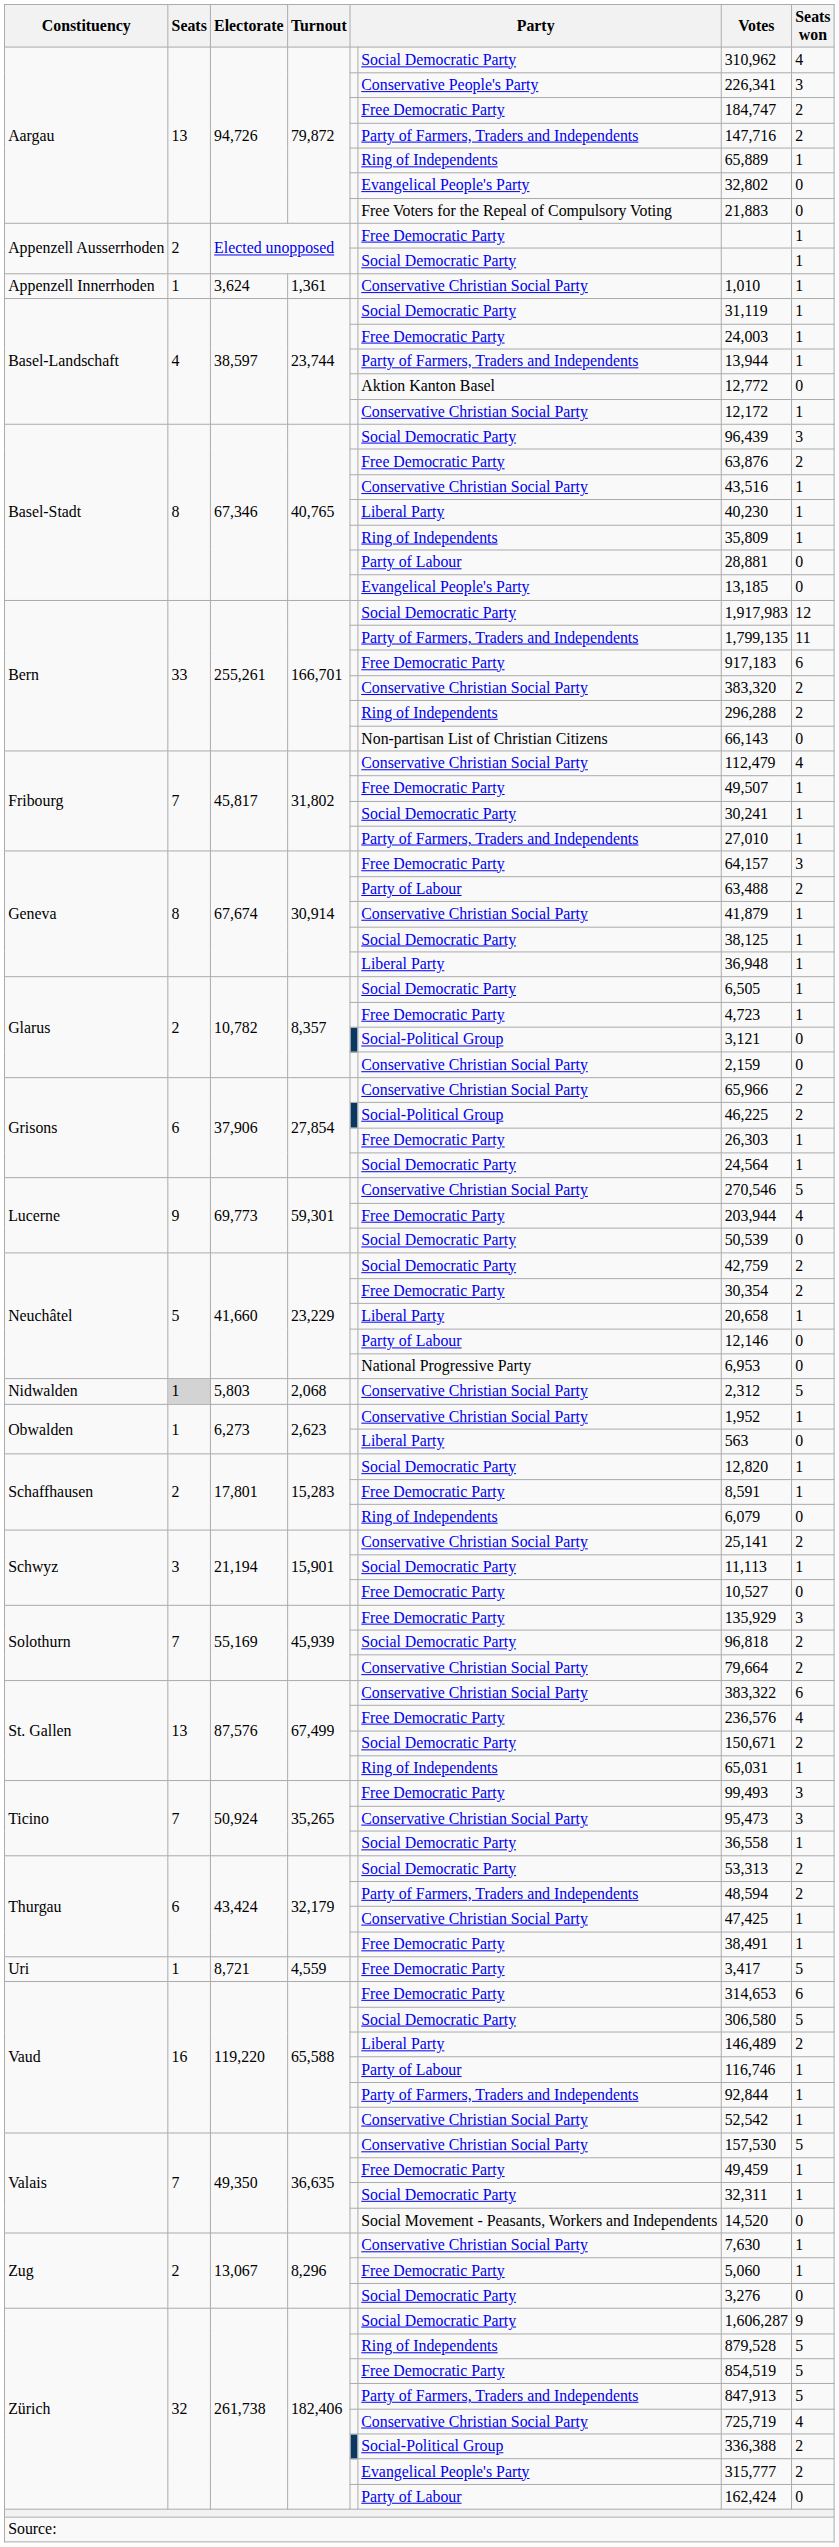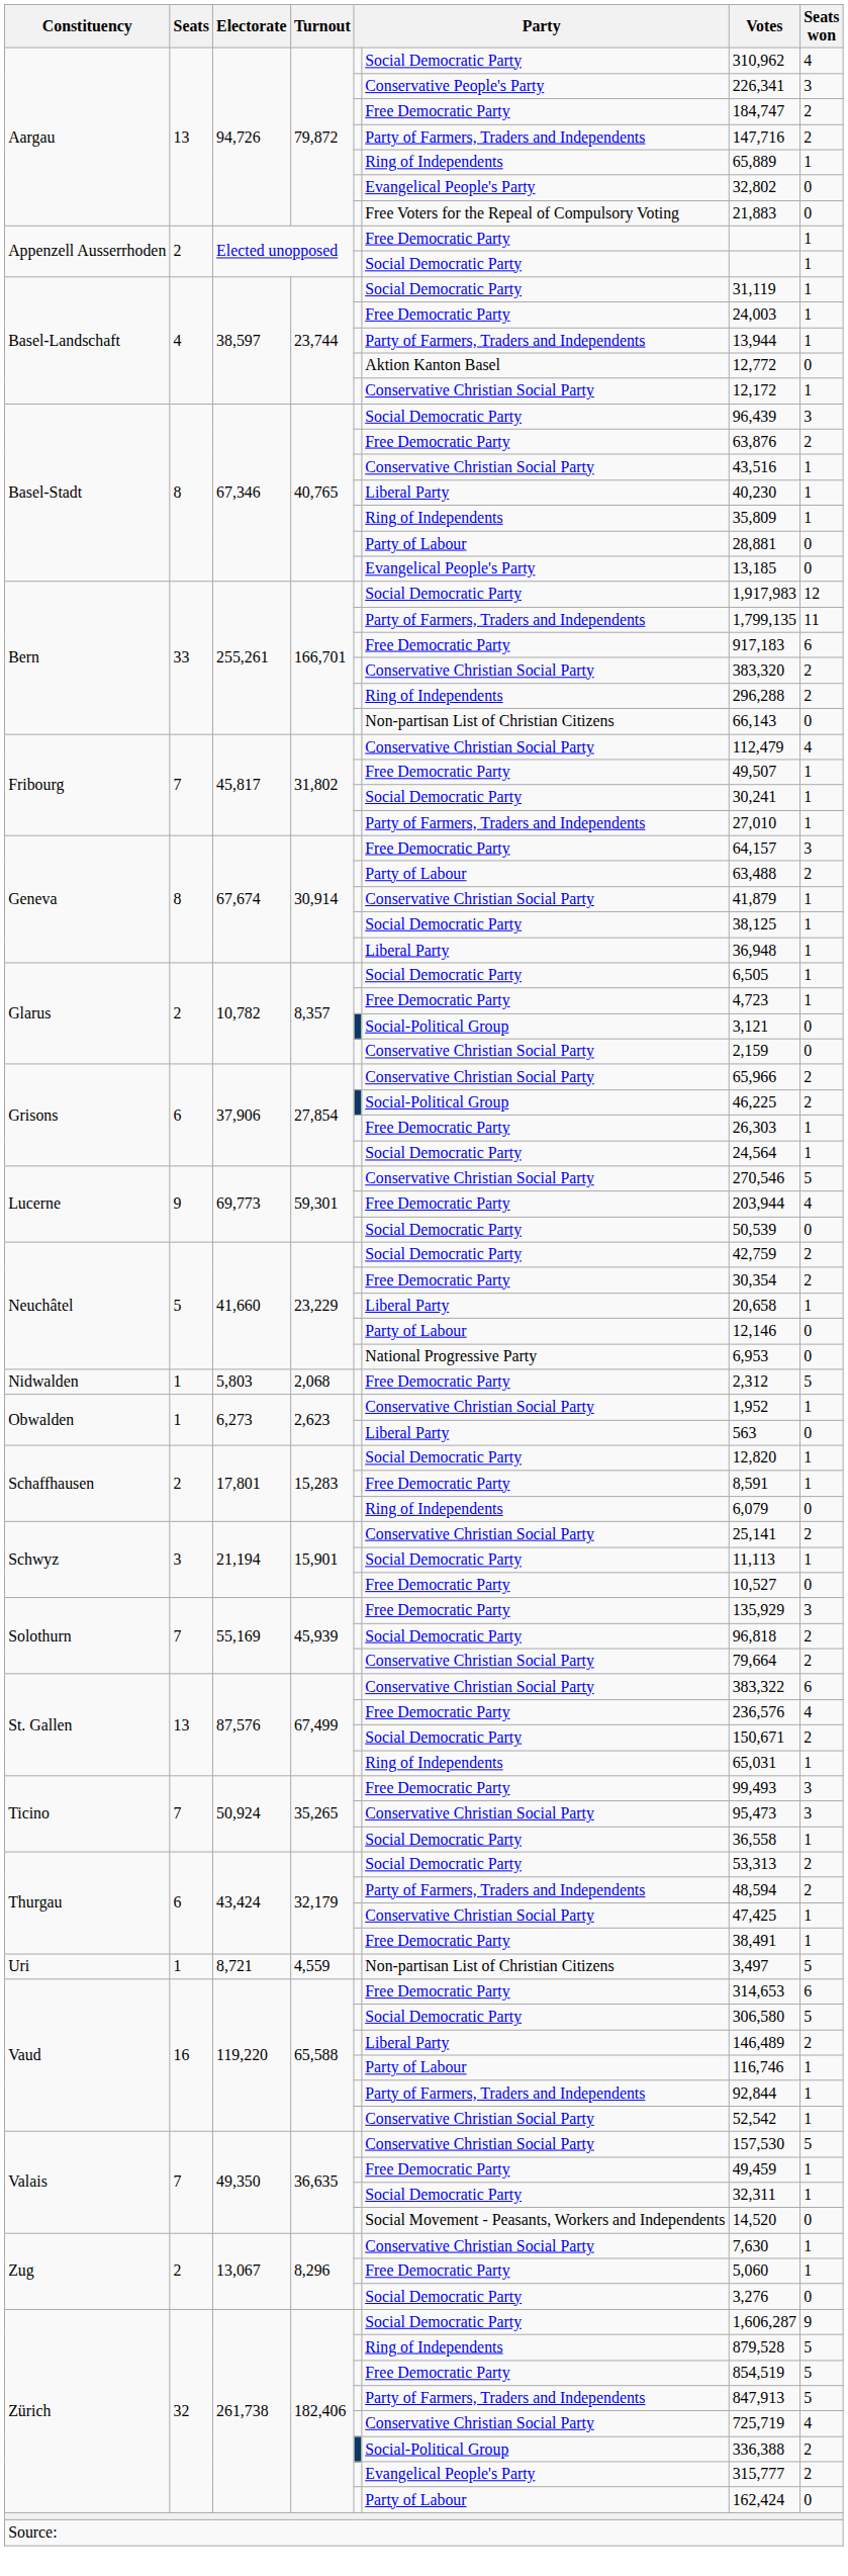 <table class="wikitable">
 <tr>
 <th>Constituency</th>
 <th>Seats</th>
 <th>Electorate</th>
 <th>Turnout</th>
 <th colspan="2">Party</th>
 <th>Votes</th>
 <th>Seats<br>won</th>
 </tr>
 <tr>
 <td rowspan="7">Aargau</td>
 <td rowspan="7">13</td>
 <td rowspan="7">94,726</td>
 <td rowspan="7">79,872</td>
 <td style="color:inherit;background:"></td>
 <td><a href='#'>Social Democratic Party</a></td>
 <td>310,962</td>
 <td>4</td>
 </tr>
 <tr>
 <td style="color:inherit;background:"></td>
 <td><a href='#'>Conservative People's Party</a></td>
 <td>226,341</td>
 <td>3</td>
 </tr>
 <tr>
 <td style="color:inherit;background:"></td>
 <td><a href='#'>Free Democratic Party</a></td>
 <td>184,747</td>
 <td>2</td>
 </tr>
 <tr>
 <td style="color:inherit;background:"></td>
 <td><a href='#'>Party of Farmers, Traders and Independents</a></td>
 <td>147,716</td>
 <td>2</td>
 </tr>
 <tr>
 <td style="color:inherit;background:"></td>
 <td><a href='#'>Ring of Independents</a></td>
 <td>65,889</td>
 <td>1</td>
 </tr>
 <tr>
 <td style="color:inherit;background:"></td>
 <td><a href='#'>Evangelical People's Party</a></td>
 <td>32,802</td>
 <td>0</td>
 </tr>
 <tr>
 <td style="color:inherit;background:"></td>
 <td>Free Voters for the Repeal of Compulsory Voting</td>
 <td>21,883</td>
 <td>0</td>
 </tr>
 <tr>
 <td rowspan="2">Appenzell Ausserrhoden</td>
 <td rowspan="2">2</td>
 <td rowspan="2" colspan=2><a href='#'>Elected unopposed</a></td>
 <td style="color:inherit;background:"></td>
 <td><a href='#'>Free Democratic Party</a></td>
 <td></td>
 <td>1</td>
 </tr>
 <tr>
 <td style="color:inherit;background:"></td>
 <td><a href='#'>Social Democratic Party</a></td>
 <td></td>
-<td>1</td>
-</tr>
-<tr>
-<td>Appenzell Innerrhoden</td>
-<td>1</td>
-<td>3,624</td>
-<td>1,361</td>
-<td style="color:inherit;background:"></td>
-<td><a href='#'>Conservative Christian Social Party</a></td>
-<td>1,010</td>
 <td>1</td>
 </tr>
 <tr>
 <td rowspan="5">Basel-Landschaft</td>
 <td rowspan="5">4</td>
 <td rowspan="5">38,597</td>
 <td rowspan="5">23,744</td>
 <td style="color:inherit;background:"></td>
 <td><a href='#'>Social Democratic Party</a></td>
 <td>31,119</td>
 <td>1</td>
 </tr>
 <tr>
 <td style="color:inherit;background:"></td>
 <td><a href='#'>Free Democratic Party</a></td>
 <td>24,003</td>
 <td>1</td>
 </tr>
 <tr>
 <td style="color:inherit;background:"></td>
 <td><a href='#'>Party of Farmers, Traders and Independents</a></td>
 <td>13,944</td>
 <td>1</td>
 </tr>
 <tr>
 <td style="color:inherit;background:"></td>
 <td>Aktion Kanton Basel</td>
 <td>12,772</td>
 <td>0</td>
 </tr>
 <tr>
 <td style="color:inherit;background:"></td>
 <td><a href='#'>Conservative Christian Social Party</a></td>
 <td>12,172</td>
 <td>1</td>
 </tr>
 <tr>
 <td rowspan="7">Basel-Stadt</td>
 <td rowspan="7">8</td>
 <td rowspan="7">67,346</td>
 <td rowspan="7">40,765</td>
 <td style="color:inherit;background:"></td>
 <td><a href='#'>Social Democratic Party</a></td>
 <td>96,439</td>
 <td>3</td>
 </tr>
 <tr>
 <td style="color:inherit;background:"></td>
 <td><a href='#'>Free Democratic Party</a></td>
 <td>63,876</td>
 <td>2</td>
 </tr>
 <tr>
 <td style="color:inherit;background:"></td>
 <td><a href='#'>Conservative Christian Social Party</a></td>
 <td>43,516</td>
 <td>1</td>
 </tr>
 <tr>
 <td style="color:inherit;background:"></td>
 <td><a href='#'>Liberal Party</a></td>
 <td>40,230</td>
 <td>1</td>
 </tr>
 <tr>
 <td style="color:inherit;background:"></td>
 <td><a href='#'>Ring of Independents</a></td>
 <td>35,809</td>
 <td>1</td>
 </tr>
 <tr>
 <td style="color:inherit;background:"></td>
 <td><a href='#'>Party of Labour</a></td>
 <td>28,881</td>
 <td>0</td>
 </tr>
 <tr>
 <td style="color:inherit;background:"></td>
 <td><a href='#'>Evangelical People's Party</a></td>
 <td>13,185</td>
 <td>0</td>
 </tr>
 <tr>
 <td rowspan="6">Bern</td>
 <td rowspan="6">33</td>
 <td rowspan="6">255,261</td>
 <td rowspan="6">166,701</td>
 <td style="color:inherit;background:"></td>
 <td><a href='#'>Social Democratic Party</a></td>
 <td>1,917,983</td>
 <td>12</td>
 </tr>
 <tr>
 <td style="color:inherit;background:"></td>
 <td><a href='#'>Party of Farmers, Traders and Independents</a></td>
 <td>1,799,135</td>
 <td>11</td>
 </tr>
 <tr>
 <td style="color:inherit;background:"></td>
 <td><a href='#'>Free Democratic Party</a></td>
 <td>917,183</td>
 <td>6</td>
 </tr>
 <tr>
 <td style="color:inherit;background:"></td>
 <td><a href='#'>Conservative Christian Social Party</a></td>
 <td>383,320</td>
 <td>2</td>
 </tr>
 <tr>
 <td style="color:inherit;background:"></td>
 <td><a href='#'>Ring of Independents</a></td>
 <td>296,288</td>
 <td>2</td>
 </tr>
 <tr>
 <td style="color:inherit;background:"></td>
 <td>Non-partisan List of Christian Citizens</td>
 <td>66,143</td>
 <td>0</td>
 </tr>
 <tr>
 <td rowspan="4">Fribourg</td>
 <td rowspan="4">7</td>
 <td rowspan="4">45,817</td>
 <td rowspan="4">31,802</td>
 <td style="color:inherit;background:"></td>
 <td><a href='#'>Conservative Christian Social Party</a></td>
 <td>112,479</td>
 <td>4</td>
 </tr>
 <tr>
 <td style="color:inherit;background:"></td>
 <td><a href='#'>Free Democratic Party</a></td>
 <td>49,507</td>
 <td>1</td>
 </tr>
 <tr>
 <td style="color:inherit;background:"></td>
 <td><a href='#'>Social Democratic Party</a></td>
 <td>30,241</td>
 <td>1</td>
 </tr>
 <tr>
 <td style="color:inherit;background:"></td>
 <td><a href='#'>Party of Farmers, Traders and Independents</a></td>
 <td>27,010</td>
 <td>1</td>
 </tr>
 <tr>
 <td rowspan="5">Geneva</td>
 <td rowspan="5">8</td>
 <td rowspan="5">67,674</td>
 <td rowspan="5">30,914</td>
 <td style="color:inherit;background:"></td>
 <td><a href='#'>Free Democratic Party</a></td>
 <td>64,157</td>
 <td>3</td>
 </tr>
 <tr>
 <td style="color:inherit;background:"></td>
 <td><a href='#'>Party of Labour</a></td>
 <td>63,488</td>
 <td>2</td>
 </tr>
 <tr>
 <td style="color:inherit;background:"></td>
 <td><a href='#'>Conservative Christian Social Party</a></td>
 <td>41,879</td>
 <td>1</td>
 </tr>
 <tr>
 <td style="color:inherit;background:"></td>
 <td><a href='#'>Social Democratic Party</a></td>
 <td>38,125</td>
 <td>1</td>
 </tr>
 <tr>
 <td style="color:inherit;background:"></td>
 <td><a href='#'>Liberal Party</a></td>
 <td>36,948</td>
 <td>1</td>
 </tr>
 <tr>
 <td rowspan="4">Glarus</td>
 <td rowspan="4">2</td>
 <td rowspan="4">10,782</td>
 <td rowspan="4">8,357</td>
 <td style="color:inherit;background:"></td>
 <td><a href='#'>Social Democratic Party</a></td>
 <td>6,505</td>
 <td>1</td>
 </tr>
 <tr>
 <td style="color:inherit;background:"></td>
 <td><a href='#'>Free Democratic Party</a></td>
 <td>4,723</td>
 <td>1</td>
 </tr>
 <tr>
 <td style="color:inherit;background:#0B3861"></td>
 <td><a href='#'>Social-Political Group</a></td>
 <td>3,121</td>
 <td>0</td>
 </tr>
 <tr>
 <td style="color:inherit;background:"></td>
 <td><a href='#'>Conservative Christian Social Party</a></td>
 <td>2,159</td>
 <td>0</td>
 </tr>
 <tr>
 <td rowspan="4">Grisons</td>
 <td rowspan="4">6</td>
 <td rowspan="4">37,906</td>
 <td rowspan="4">27,854</td>
 <td style="color:inherit;background:"></td>
 <td><a href='#'>Conservative Christian Social Party</a></td>
 <td>65,966</td>
 <td>2</td>
 </tr>
 <tr>
 <td style="color:inherit;background:#0B3861"></td>
 <td><a href='#'>Social-Political Group</a></td>
 <td>46,225</td>
 <td>2</td>
 </tr>
 <tr>
 <td style="color:inherit;background:"></td>
 <td><a href='#'>Free Democratic Party</a></td>
 <td>26,303</td>
 <td>1</td>
 </tr>
 <tr>
 <td style="color:inherit;background:"></td>
 <td><a href='#'>Social Democratic Party</a></td>
 <td>24,564</td>
 <td>1</td>
 </tr>
 <tr>
 <td rowspan="3">Lucerne</td>
 <td rowspan="3">9</td>
 <td rowspan="3">69,773</td>
 <td rowspan="3">59,301</td>
 <td style="color:inherit;background:"></td>
 <td><a href='#'>Conservative Christian Social Party</a></td>
 <td>270,546</td>
 <td>5</td>
 </tr>
 <tr>
 <td style="color:inherit;background:"></td>
 <td><a href='#'>Free Democratic Party</a></td>
 <td>203,944</td>
 <td>4</td>
 </tr>
 <tr>
 <td style="color:inherit;background:"></td>
 <td><a href='#'>Social Democratic Party</a></td>
 <td>50,539</td>
 <td>0</td>
 </tr>
 <tr>
 <td rowspan="5">Neuchâtel</td>
 <td rowspan="5">5</td>
 <td rowspan="5">41,660</td>
 <td rowspan="5">23,229</td>
 <td style="color:inherit;background:"></td>
 <td><a href='#'>Social Democratic Party</a></td>
 <td>42,759</td>
 <td>2</td>
 </tr>
 <tr>
 <td style="color:inherit;background:"></td>
 <td><a href='#'>Free Democratic Party</a></td>
 <td>30,354</td>
 <td>2</td>
 </tr>
 <tr>
 <td style="color:inherit;background:"></td>
 <td><a href='#'>Liberal Party</a></td>
 <td>20,658</td>
 <td>1</td>
 </tr>
 <tr>
 <td style="color:inherit;background:"></td>
 <td><a href='#'>Party of Labour</a></td>
 <td>12,146</td>
 <td>0</td>
 </tr>
 <tr>
 <td style="color:inherit;background:"></td>
 <td>National Progressive Party</td>
 <td>6,953</td>
 <td>0</td>
 </tr>
 <tr>
 <td>Nidwalden</td>
-<td style="background: lightgrey;">1</td>
+<td>1</td>
 <td>5,803</td>
 <td>2,068</td>
 <td style="color:inherit;background:"></td>
-<td><a href='#'>Conservative Christian Social Party</a></td>
+<td><a href='#'>Free Democratic Party</a></td>
 <td>2,312</td>
 <td>5</td>
 </tr>
 <tr>
 <td rowspan="2">Obwalden</td>
 <td rowspan="2">1</td>
 <td rowspan="2">6,273</td>
 <td rowspan="2">2,623</td>
 <td style="color:inherit;background:"></td>
 <td><a href='#'>Conservative Christian Social Party</a></td>
 <td>1,952</td>
 <td>1</td>
 </tr>
 <tr>
 <td style="color:inherit;background:"></td>
 <td><a href='#'>Liberal Party</a></td>
 <td>563</td>
 <td>0</td>
 </tr>
 <tr>
 <td rowspan="3">Schaffhausen</td>
 <td rowspan="3">2</td>
 <td rowspan="3">17,801</td>
 <td rowspan="3">15,283</td>
 <td style="color:inherit;background:"></td>
 <td><a href='#'>Social Democratic Party</a></td>
 <td>12,820</td>
 <td>1</td>
 </tr>
 <tr>
 <td style="color:inherit;background:"></td>
 <td><a href='#'>Free Democratic Party</a></td>
 <td>8,591</td>
 <td>1</td>
 </tr>
 <tr>
 <td style="color:inherit;background:"></td>
 <td><a href='#'>Ring of Independents</a></td>
 <td>6,079</td>
 <td>0</td>
 </tr>
 <tr>
 <td rowspan="3">Schwyz</td>
 <td rowspan="3">3</td>
 <td rowspan="3">21,194</td>
 <td rowspan="3">15,901</td>
 <td style="color:inherit;background:"></td>
 <td><a href='#'>Conservative Christian Social Party</a></td>
 <td>25,141</td>
 <td>2</td>
 </tr>
 <tr>
 <td style="color:inherit;background:"></td>
 <td><a href='#'>Social Democratic Party</a></td>
 <td>11,113</td>
 <td>1</td>
 </tr>
 <tr>
 <td style="color:inherit;background:"></td>
 <td><a href='#'>Free Democratic Party</a></td>
 <td>10,527</td>
 <td>0</td>
 </tr>
 <tr>
 <td rowspan="3">Solothurn</td>
 <td rowspan="3">7</td>
 <td rowspan="3">55,169</td>
 <td rowspan="3">45,939</td>
 <td style="color:inherit;background:"></td>
 <td><a href='#'>Free Democratic Party</a></td>
 <td>135,929</td>
 <td>3</td>
 </tr>
 <tr>
 <td style="color:inherit;background:"></td>
 <td><a href='#'>Social Democratic Party</a></td>
 <td>96,818</td>
 <td>2</td>
 </tr>
 <tr>
 <td style="color:inherit;background:"></td>
 <td><a href='#'>Conservative Christian Social Party</a></td>
 <td>79,664</td>
 <td>2</td>
 </tr>
 <tr>
 <td rowspan="4">St. Gallen</td>
 <td rowspan="4">13</td>
 <td rowspan="4">87,576</td>
 <td rowspan="4">67,499</td>
 <td style="color:inherit;background:"></td>
 <td><a href='#'>Conservative Christian Social Party</a></td>
 <td>383,322</td>
 <td>6</td>
 </tr>
 <tr>
 <td style="color:inherit;background:"></td>
 <td><a href='#'>Free Democratic Party</a></td>
 <td>236,576</td>
 <td>4</td>
 </tr>
 <tr>
 <td style="color:inherit;background:"></td>
 <td><a href='#'>Social Democratic Party</a></td>
 <td>150,671</td>
 <td>2</td>
 </tr>
 <tr>
 <td style="color:inherit;background:"></td>
 <td><a href='#'>Ring of Independents</a></td>
 <td>65,031</td>
 <td>1</td>
 </tr>
 <tr>
 <td rowspan="3">Ticino</td>
 <td rowspan="3">7</td>
 <td rowspan="3">50,924</td>
 <td rowspan="3">35,265</td>
 <td style="color:inherit;background:"></td>
 <td><a href='#'>Free Democratic Party</a></td>
 <td>99,493</td>
 <td>3</td>
 </tr>
 <tr>
 <td style="color:inherit;background:"></td>
 <td><a href='#'>Conservative Christian Social Party</a></td>
 <td>95,473</td>
 <td>3</td>
 </tr>
 <tr>
 <td style="color:inherit;background:"></td>
 <td><a href='#'>Social Democratic Party</a></td>
 <td>36,558</td>
 <td>1</td>
 </tr>
 <tr>
 <td rowspan="4">Thurgau</td>
 <td rowspan="4">6</td>
 <td rowspan="4">43,424</td>
 <td rowspan="4">32,179</td>
 <td style="color:inherit;background:"></td>
 <td><a href='#'>Social Democratic Party</a></td>
 <td>53,313</td>
 <td>2</td>
 </tr>
 <tr>
 <td style="color:inherit;background:"></td>
 <td><a href='#'>Party of Farmers, Traders and Independents</a></td>
 <td>48,594</td>
 <td>2</td>
 </tr>
 <tr>
 <td style="color:inherit;background:"></td>
 <td><a href='#'>Conservative Christian Social Party</a></td>
 <td>47,425</td>
 <td>1</td>
 </tr>
 <tr>
 <td style="color:inherit;background:"></td>
 <td><a href='#'>Free Democratic Party</a></td>
 <td>38,491</td>
 <td>1</td>
 </tr>
 <tr>
 <td>Uri</td>
 <td>1</td>
 <td>8,721</td>
 <td>4,559</td>
 <td style="color:inherit;background:"></td>
-<td><a href='#'>Free Democratic Party</a></td>
-<td>3,417</td>
+<td>Non-partisan List of Christian Citizens</td>
+<td>3,497</td>
 <td>5</td>
 </tr>
 <tr>
 <td rowspan="6">Vaud</td>
 <td rowspan="6">16</td>
 <td rowspan="6">119,220</td>
 <td rowspan="6">65,588</td>
 <td style="color:inherit;background:"></td>
 <td><a href='#'>Free Democratic Party</a></td>
 <td>314,653</td>
 <td>6</td>
 </tr>
 <tr>
 <td style="color:inherit;background:"></td>
 <td><a href='#'>Social Democratic Party</a></td>
 <td>306,580</td>
 <td>5</td>
 </tr>
 <tr>
 <td style="color:inherit;background:"></td>
 <td><a href='#'>Liberal Party</a></td>
 <td>146,489</td>
 <td>2</td>
 </tr>
 <tr>
 <td style="color:inherit;background:"></td>
 <td><a href='#'>Party of Labour</a></td>
 <td>116,746</td>
 <td>1</td>
 </tr>
 <tr>
 <td style="color:inherit;background:"></td>
 <td><a href='#'>Party of Farmers, Traders and Independents</a></td>
 <td>92,844</td>
 <td>1</td>
 </tr>
 <tr>
 <td style="color:inherit;background:"></td>
 <td><a href='#'>Conservative Christian Social Party</a></td>
 <td>52,542</td>
 <td>1</td>
 </tr>
 <tr>
 <td rowspan="4">Valais</td>
 <td rowspan="4">7</td>
 <td rowspan="4">49,350</td>
 <td rowspan="4">36,635</td>
 <td style="color:inherit;background:"></td>
 <td><a href='#'>Conservative Christian Social Party</a></td>
 <td>157,530</td>
 <td>5</td>
 </tr>
 <tr>
 <td style="color:inherit;background:"></td>
 <td><a href='#'>Free Democratic Party</a></td>
 <td>49,459</td>
 <td>1</td>
 </tr>
 <tr>
 <td style="color:inherit;background:"></td>
 <td><a href='#'>Social Democratic Party</a></td>
 <td>32,311</td>
 <td>1</td>
 </tr>
 <tr>
 <td style="color:inherit;background:"></td>
 <td>Social Movement - Peasants, Workers and Independents</td>
 <td>14,520</td>
 <td>0</td>
 </tr>
 <tr>
 <td rowspan="3">Zug</td>
 <td rowspan="3">2</td>
 <td rowspan="3">13,067</td>
 <td rowspan="3">8,296</td>
 <td style="color:inherit;background:"></td>
 <td><a href='#'>Conservative Christian Social Party</a></td>
 <td>7,630</td>
 <td>1</td>
 </tr>
 <tr>
 <td style="color:inherit;background:"></td>
 <td><a href='#'>Free Democratic Party</a></td>
 <td>5,060</td>
 <td>1</td>
 </tr>
 <tr>
 <td style="color:inherit;background:"></td>
 <td><a href='#'>Social Democratic Party</a></td>
 <td>3,276</td>
 <td>0</td>
 </tr>
 <tr>
 <td rowspan="8">Zürich</td>
 <td rowspan="8">32</td>
 <td rowspan="8">261,738</td>
 <td rowspan="8">182,406</td>
 <td style="color:inherit;background:"></td>
 <td><a href='#'>Social Democratic Party</a></td>
 <td>1,606,287</td>
 <td>9</td>
 </tr>
 <tr>
 <td style="color:inherit;background:"></td>
 <td><a href='#'>Ring of Independents</a></td>
 <td>879,528</td>
 <td>5</td>
 </tr>
 <tr>
 <td style="color:inherit;background:"></td>
 <td><a href='#'>Free Democratic Party</a></td>
 <td>854,519</td>
 <td>5</td>
 </tr>
 <tr>
 <td style="color:inherit;background:"></td>
 <td><a href='#'>Party of Farmers, Traders and Independents</a></td>
 <td>847,913</td>
 <td>5</td>
 </tr>
 <tr>
 <td style="color:inherit;background:"></td>
 <td><a href='#'>Conservative Christian Social Party</a></td>
 <td>725,719</td>
 <td>4</td>
 </tr>
 <tr>
 <td style="color:inherit;background:#0B3861"></td>
 <td><a href='#'>Social-Political Group</a></td>
 <td>336,388</td>
 <td>2</td>
 </tr>
 <tr>
 <td style="color:inherit;background:"></td>
 <td><a href='#'>Evangelical People's Party</a></td>
 <td>315,777</td>
 <td>2</td>
 </tr>
 <tr>
 <td style="color:inherit;background:"></td>
 <td><a href='#'>Party of Labour</a></td>
 <td>162,424</td>
 <td>0</td>
 </tr>
 <tr>
 <th colspan="8"></th>
 </tr>
 <tr>
 <td colspan="8">Source: </td>
 </tr>
 </table>
